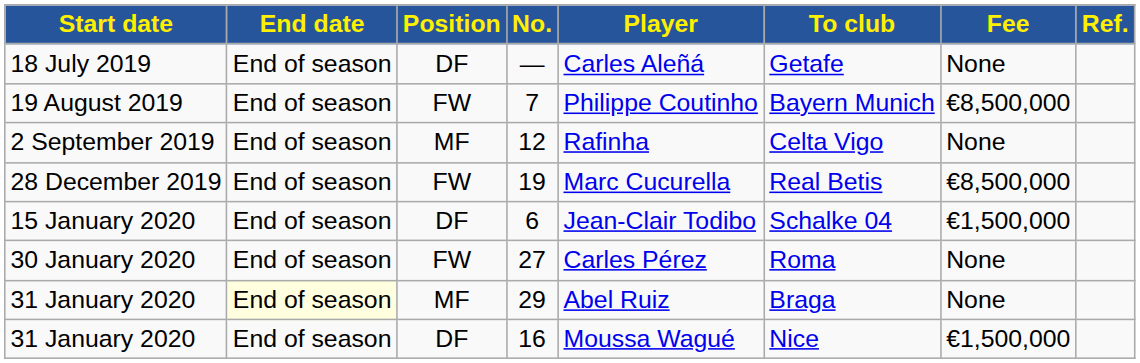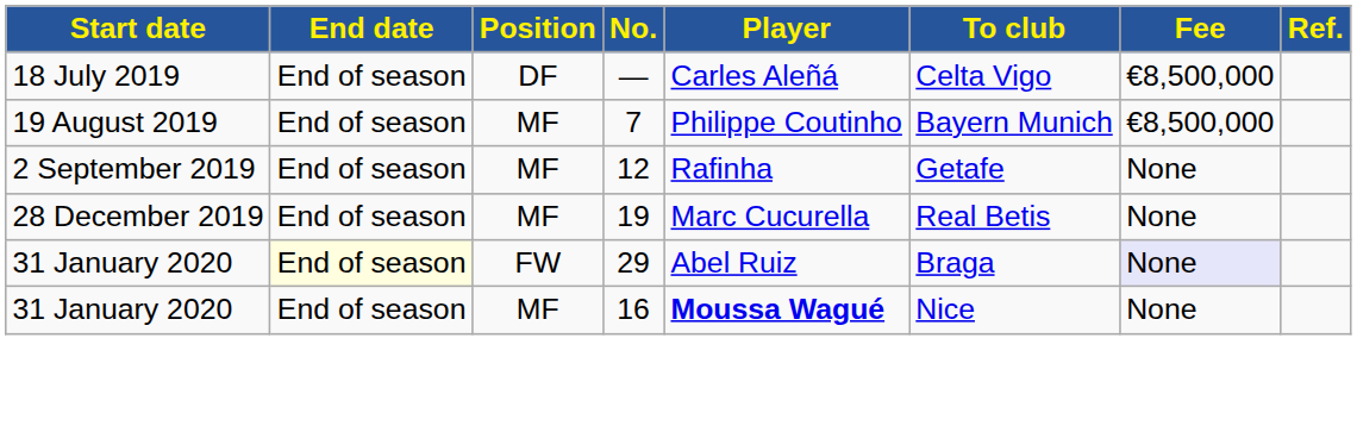 <table class="wikitable sortable">
 <tr>
 <th style="background:#26559B; color:#FFF000; ">Start date</th>
 <th style="background:#26559B; color:#FFF000; ">End date</th>
 <th style="background:#26559B; color:#FFF000; ">Position</th>
 <th style="background:#26559B; color:#FFF000; ">No.</th>
 <th style="background:#26559B; color:#FFF000; ">Player</th>
 <th style="background:#26559B; color:#FFF000; ">To club</th>
 <th style="background:#26559B; color:#FFF000; ">Fee</th>
 <th style="background:#26559B; color:#FFF000; ">Ref.</th>
 </tr>
 <tr>
 <td>18 July 2019</td>
 <td>End of season</td>
 <td style="text-align:center;">DF</td>
 <td style="text-align:center;">—</td>
 <td style="text-align:left;"> <a href='#'>Carles Aleñá</a></td>
-<td style="text-align:left;"> <a href='#'>Getafe</a></td>
-<td>None </td>
+<td style="text-align:left;"> <a href='#'>Celta Vigo</a></td>
+<td>€8,500,000 </td>
 <td></td>
 </tr>
 <tr>
 <td>19 August 2019</td>
 <td>End of season</td>
-<td style="text-align:center;">FW</td>
+<td style="text-align:center;">MF</td>
 <td style="text-align:center;">7</td>
 <td style="text-align:left;"> <a href='#'>Philippe Coutinho</a></td>
 <td style="text-align:left;"> <a href='#'>Bayern Munich</a></td>
 <td>€8,500,000 </td>
 <td></td>
 </tr>
 <tr>
 <td>2 September 2019</td>
 <td>End of season</td>
 <td style="text-align:center;">MF</td>
 <td style="text-align:center;">12</td>
 <td style="text-align:left;"> <a href='#'>Rafinha</a></td>
-<td style="text-align:left;"> <a href='#'>Celta Vigo</a></td>
+<td style="text-align:left;"> <a href='#'>Getafe</a></td>
 <td>None </td>
 <td></td>
 </tr>
 <tr>
 <td>28 December 2019</td>
 <td>End of season</td>
-<td style="text-align:center;">FW</td>
+<td style="text-align:center;">MF</td>
 <td style="text-align:center;">19</td>
 <td style="text-align:left;"> <a href='#'>Marc Cucurella</a></td>
 <td style="text-align:left;"> <a href='#'>Real Betis</a></td>
-<td>€8,500,000 </td>
-<td></td>
-</tr>
-<tr>
-<td>15 January 2020</td>
-<td>End of season</td>
-<td style="text-align:center;">DF</td>
-<td style="text-align:center;">6</td>
-<td style="text-align:left;"> <a href='#'>Jean-Clair Todibo</a></td>
-<td style="text-align:left;"> <a href='#'>Schalke 04</a></td>
-<td>€1,500,000 </td>
-<td></td>
-</tr>
-<tr>
-<td>30 January 2020</td>
-<td>End of season</td>
-<td style="text-align:center;">FW</td>
-<td style="text-align:center;">27</td>
-<td style="text-align:left;"> <a href='#'>Carles Pérez</a></td>
-<td style="text-align:left;"> <a href='#'>Roma</a></td>
-<td>None </td>
+<td>None</td>
 <td></td>
 </tr>
 <tr>
 <td>31 January 2020</td>
 <td style="background: lightyellow;">End of season</td>
-<td style="text-align:center;">MF</td>
+<td style="text-align:center;">FW</td>
 <td style="text-align:center;">29</td>
 <td style="text-align:left;"> <a href='#'>Abel Ruiz</a></td>
 <td style="text-align:left;"> <a href='#'>Braga</a></td>
-<td>None </td>
+<td style="background: lavender;">None </td>
 <td></td>
 </tr>
 <tr>
 <td>31 January 2020</td>
 <td>End of season</td>
-<td style="text-align:center;">DF</td>
+<td style="text-align:center;">MF</td>
 <td style="text-align:center;">16</td>
-<td style="text-align:left;"> <a href='#'>Moussa Wagué</a></td>
+<td style="text-align:left;"><strong> <a href='#'>Moussa Wagué</a></strong></td>
 <td style="text-align:left;"> <a href='#'>Nice</a></td>
-<td>€1,500,000 </td>
+<td>None </td>
 <td></td>
 </tr>
 </table>
